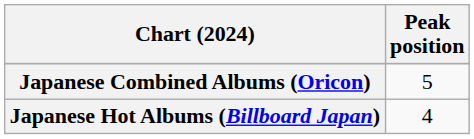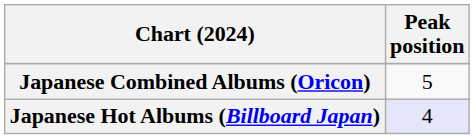 <table class="wikitable sortable plainrowheaders" style="text-align:center">
 <tr>
 <th scope="col">Chart (2024)</th>
 <th scope="col">Peak<br>position</th>
 </tr>
 <tr>
 </tr>
 <tr>
 <th scope="row">Japanese Combined Albums (<a href='#'>Oricon</a>)</th>
 <td>5</td>
 </tr>
 <tr>
 <th scope="row">Japanese Hot Albums (<em><a href='#'>Billboard Japan</a></em>)</th>
-<td>4</td>
+<td style="background: lavender;">4</td>
 </tr>
 </table>
